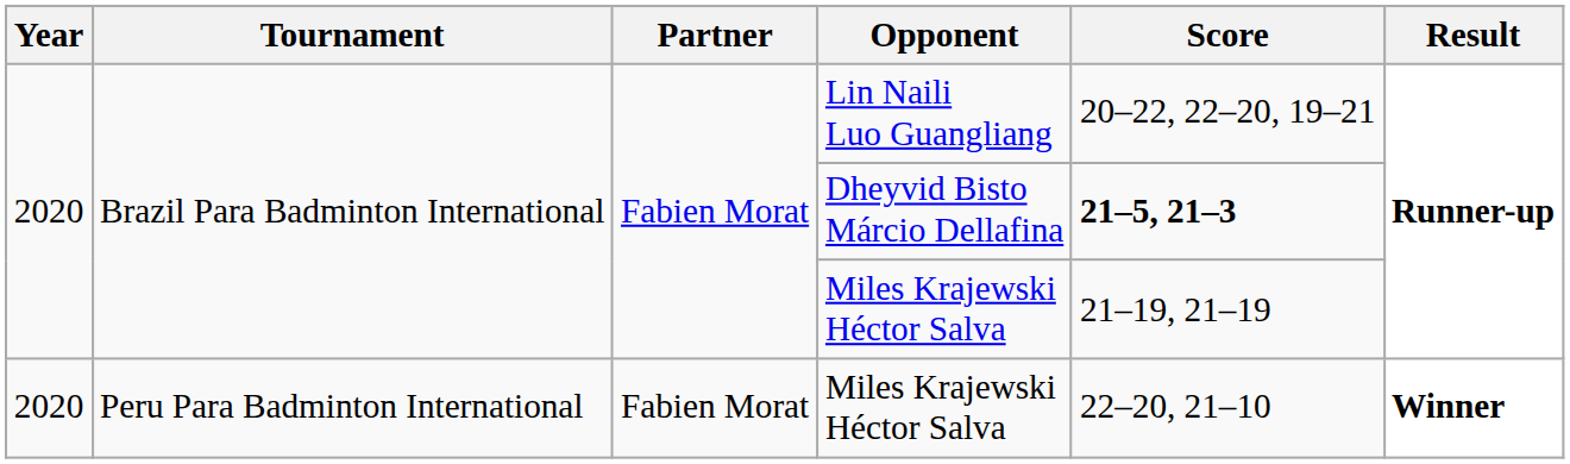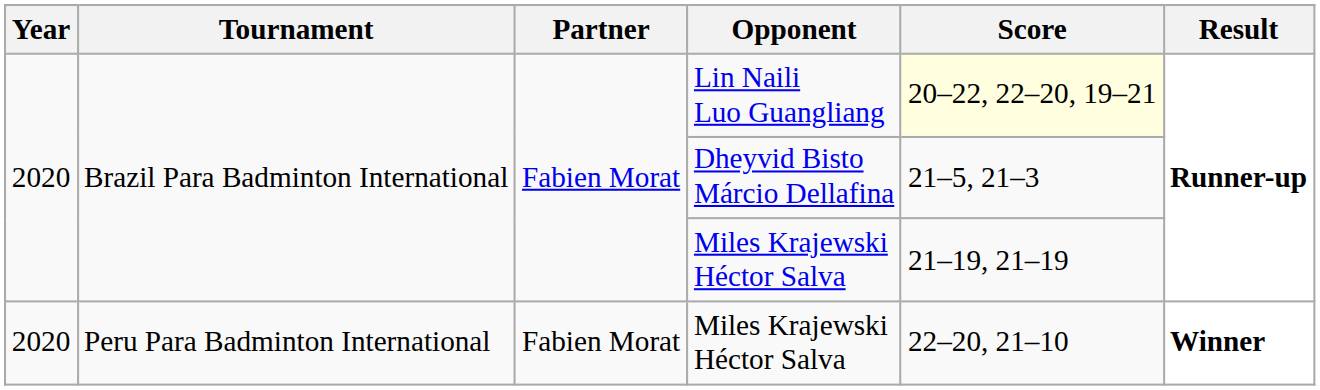 <table class="sortable wikitable" style="font-size: 90%;">
 <tr>
 <th>Year</th>
 <th>Tournament</th>
 <th>Partner</th>
 <th>Opponent</th>
 <th>Score</th>
 <th>Result</th>
 </tr>
 <tr>
 <td rowspan="3" align="center">2020</td>
 <td rowspan="3" align="left">Brazil Para Badminton International</td>
 <td rowspan="3" align="left"> <a href='#'>Fabien Morat</a></td>
 <td align="left"> <a href='#'>Lin Naili</a><br> <a href='#'>Luo Guangliang</a></td>
-<td align="left">20–22, 22–20, 19–21</td>
+<td align="left" style="background: lightyellow;">20–22, 22–20, 19–21</td>
 <td rowspan="3" style="text-align:left; background:white"> <strong>Runner-up</strong></td>
 </tr>
 <tr>
 <td align="left"> <a href='#'>Dheyvid Bisto</a><br> <a href='#'>Márcio Dellafina</a></td>
-<td align="left"><strong>21–5, 21–3</strong></td>
+<td align="left">21–5, 21–3</td>
 </tr>
 <tr>
 <td align="left"> <a href='#'>Miles Krajewski</a><br> <a href='#'>Héctor Salva</a></td>
 <td align="left">21–19, 21–19</td>
 </tr>
 <tr>
 <td align="center">2020</td>
 <td align="left">Peru Para Badminton International</td>
 <td align="left"> Fabien Morat</td>
 <td align="left"> Miles Krajewski<br> Héctor Salva</td>
 <td align="left">22–20, 21–10</td>
 <td style="text-align:left; background:white"> <strong>Winner</strong></td>
 </tr>
 </table>
